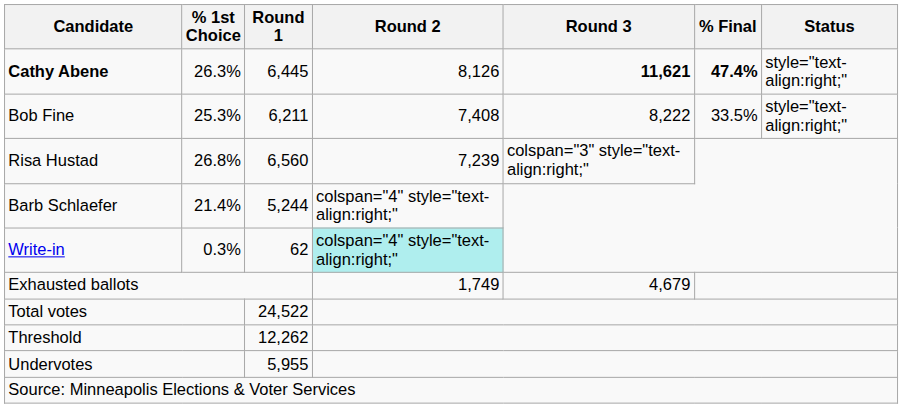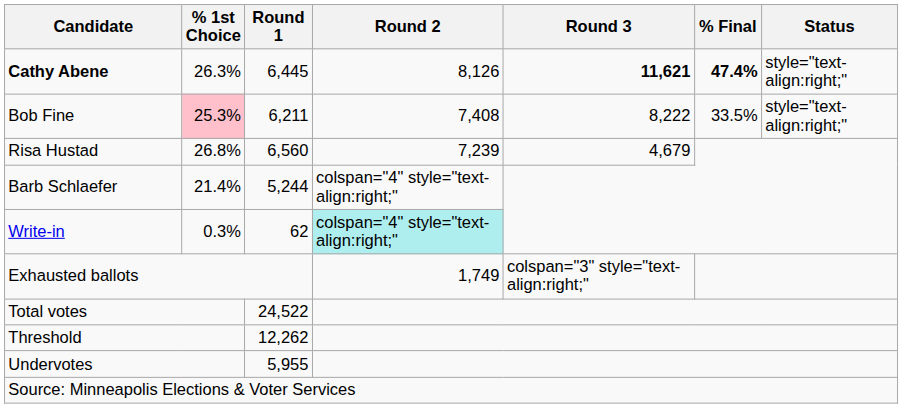 <table class="wikitable">
 <tr>
 <th style="width:165px">Candidate</th>
 <th>% 1st<br>Choice</th>
 <th>Round 1</th>
 <th>Round 2</th>
 <th>Round 3</th>
 <th style="width:58px;">% Final</th>
 <th>Status</th>
 </tr>
 <tr>
 <td><strong>Cathy Abene </strong></td>
 <td align="right">26.3%</td>
 <td align="right">6,445</td>
 <td align="right">8,126</td>
 <td align="right"><strong>11,621</strong></td>
 <td align="right"><strong>47.4%</strong></td>
 <td>style="text-align:right;" </td>
 </tr>
 <tr>
 <td>Bob Fine</td>
-<td align="right">25.3%</td>
+<td align="right" style="background: pink;">25.3%</td>
 <td align="right">6,211</td>
 <td align="right">7,408</td>
 <td align="right">8,222</td>
 <td align="right">33.5%</td>
 <td>style="text-align:right;" </td>
 </tr>
 <tr>
 <td>Risa Hustad</td>
 <td align="right">26.8%</td>
 <td align="right">6,560</td>
 <td align="right">7,239</td>
-<td>colspan="3" style="text-align:right;" </td>
+<td align="right">4,679</td>
 </tr>
 <tr>
 <td>Barb Schlaefer</td>
 <td align="right">21.4%</td>
 <td align="right">5,244</td>
 <td>colspan="4" style="text-align:right;" </td>
 </tr>
 <tr>
 <td><a href='#'>Write-in</a></td>
 <td align="right">0.3%</td>
 <td align="right">62</td>
 <td style="background: paleturquoise;">colspan="4" style="text-align:right;" </td>
 </tr>
 <tr>
 <td colspan="3">Exhausted ballots</td>
 <td align="right">1,749</td>
-<td align="right">4,679</td>
+<td>colspan="3" style="text-align:right;" </td>
 <td colspan="2" align="right"></td>
 </tr>
 <tr>
 <td colspan="2">Total votes</td>
 <td align="right">24,522</td>
 <td colspan="4"></td>
 </tr>
 <tr>
 <td colspan="2">Threshold</td>
 <td align="right">12,262</td>
 <td colspan="4"></td>
 </tr>
 <tr>
 <td colspan="2">Undervotes</td>
 <td align="right">5,955</td>
 <td colspan="4"></td>
 </tr>
 <tr>
 <td colspan="7">Source: Minneapolis Elections & Voter Services</td>
 </tr>
 </table>
